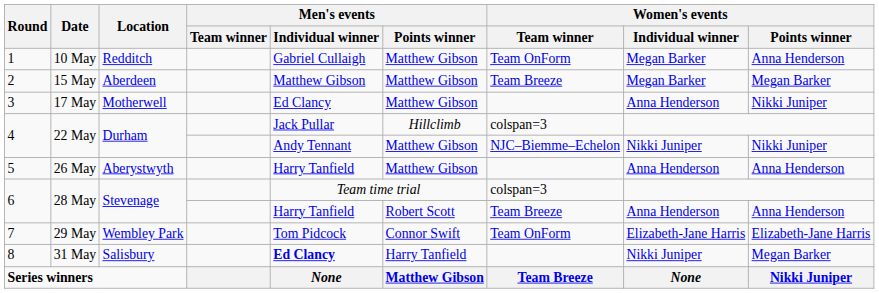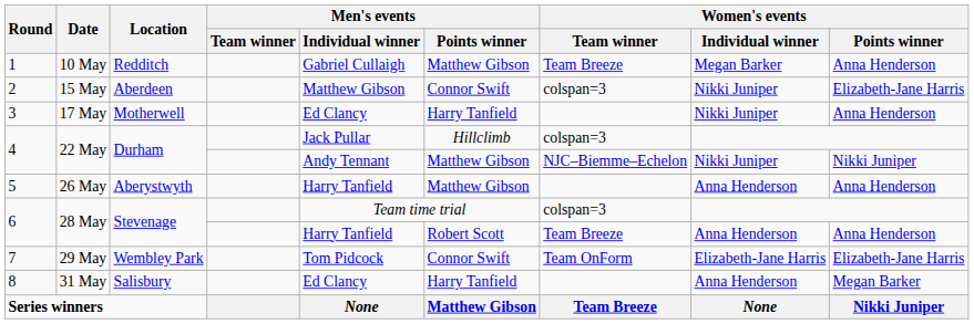 <table class=wikitable>
 <tr>
 <th rowspan=2>Round</th>
 <th rowspan=2>Date</th>
 <th rowspan=2>Location</th>
 <th colspan=3>Men's events</th>
 <th colspan=3>Women's events</th>
 </tr>
 <tr>
 <th>Team winner</th>
 <th>Individual winner</th>
 <th>Points winner</th>
 <th>Team winner</th>
 <th>Individual winner</th>
 <th>Points winner</th>
 </tr>
 <tr>
 <td>1</td>
 <td>10 May</td>
 <td><a href='#'>Redditch</a></td>
 <td></td>
 <td><a href='#'>Gabriel Cullaigh</a></td>
 <td><a href='#'>Matthew Gibson</a></td>
-<td><a href='#'>Team OnForm</a></td>
+<td><a href='#'>Team Breeze</a></td>
 <td><a href='#'>Megan Barker</a></td>
 <td><a href='#'>Anna Henderson</a></td>
 </tr>
 <tr>
 <td>2</td>
 <td>15 May</td>
 <td><a href='#'>Aberdeen</a></td>
 <td></td>
 <td><a href='#'>Matthew Gibson</a></td>
-<td><a href='#'>Matthew Gibson</a></td>
-<td><a href='#'>Team Breeze</a></td>
-<td><a href='#'>Megan Barker</a></td>
-<td><a href='#'>Megan Barker</a></td>
+<td><a href='#'>Connor Swift</a></td>
+<td>colspan=3 </td>
+<td><a href='#'>Nikki Juniper</a></td>
+<td><a href='#'>Elizabeth-Jane Harris</a></td>
 </tr>
 <tr>
 <td>3</td>
 <td>17 May</td>
 <td><a href='#'>Motherwell</a></td>
 <td></td>
 <td><a href='#'>Ed Clancy</a></td>
-<td><a href='#'>Matthew Gibson</a></td>
+<td><a href='#'>Harry Tanfield</a></td>
 <td></td>
+<td><a href='#'>Nikki Juniper</a></td>
 <td><a href='#'>Anna Henderson</a></td>
-<td><a href='#'>Nikki Juniper</a></td>
 </tr>
 <tr>
 <td rowspan="2">4</td>
 <td rowspan="2">22 May</td>
 <td rowspan="2"><a href='#'>Durham</a></td>
 <td></td>
 <td><a href='#'>Jack Pullar</a></td>
 <td align= center><em>Hillclimb</em></td>
 <td>colspan=3 </td>
 </tr>
 <tr>
 <td></td>
 <td><a href='#'>Andy Tennant</a></td>
 <td><a href='#'>Matthew Gibson</a></td>
 <td><a href='#'>NJC–Biemme–Echelon</a></td>
 <td><a href='#'>Nikki Juniper</a></td>
 <td><a href='#'>Nikki Juniper</a></td>
 </tr>
 <tr>
 <td>5</td>
 <td>26 May</td>
 <td><a href='#'>Aberystwyth</a></td>
 <td></td>
 <td><a href='#'>Harry Tanfield</a></td>
 <td><a href='#'>Matthew Gibson</a></td>
 <td></td>
 <td><a href='#'>Anna Henderson</a></td>
 <td><a href='#'>Anna Henderson</a></td>
 </tr>
 <tr>
 <td rowspan="2">6</td>
 <td rowspan="2">28 May</td>
 <td rowspan="2"><a href='#'>Stevenage</a></td>
 <td></td>
 <td colspan ="2" align =center><em>Team time trial</em></td>
 <td>colspan=3 </td>
 </tr>
 <tr>
 <td></td>
 <td><a href='#'>Harry Tanfield</a></td>
 <td><a href='#'>Robert Scott</a></td>
 <td><a href='#'>Team Breeze</a></td>
 <td><a href='#'>Anna Henderson</a></td>
 <td><a href='#'>Anna Henderson</a></td>
 </tr>
 <tr>
 <td>7</td>
 <td>29 May</td>
 <td><a href='#'>Wembley Park</a></td>
 <td></td>
 <td><a href='#'>Tom Pidcock</a></td>
 <td><a href='#'>Connor Swift</a></td>
 <td><a href='#'>Team OnForm</a></td>
 <td><a href='#'>Elizabeth-Jane Harris</a></td>
 <td><a href='#'>Elizabeth-Jane Harris</a></td>
 </tr>
 <tr>
 <td>8</td>
 <td>31 May</td>
 <td><a href='#'>Salisbury</a></td>
 <td></td>
-<td><strong><a href='#'>Ed Clancy</a></strong></td>
+<td><a href='#'>Ed Clancy</a></td>
 <td><a href='#'>Harry Tanfield</a></td>
 <td></td>
-<td><a href='#'>Nikki Juniper</a></td>
+<td><a href='#'>Anna Henderson</a></td>
 <td><a href='#'>Megan Barker</a></td>
 </tr>
 <tr>
 <td colspan="3"><strong>Series winners</strong></td>
 <th></th>
 <th><em>None</em></th>
 <th><a href='#'>Matthew Gibson</a></th>
 <th><a href='#'>Team Breeze</a></th>
 <th><em>None</em></th>
 <th><a href='#'>Nikki Juniper</a></th>
 </tr>
 </table>
